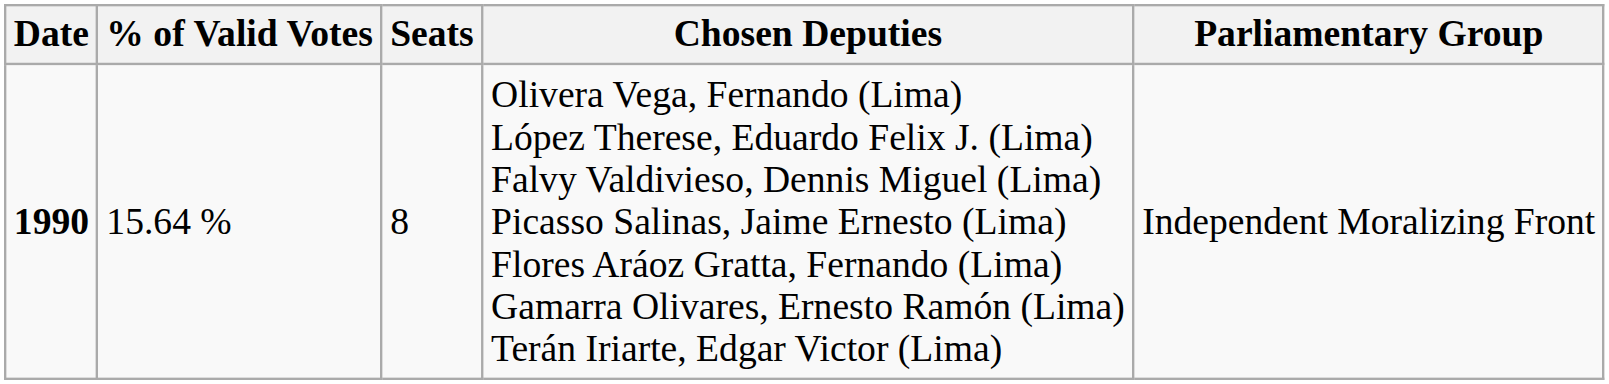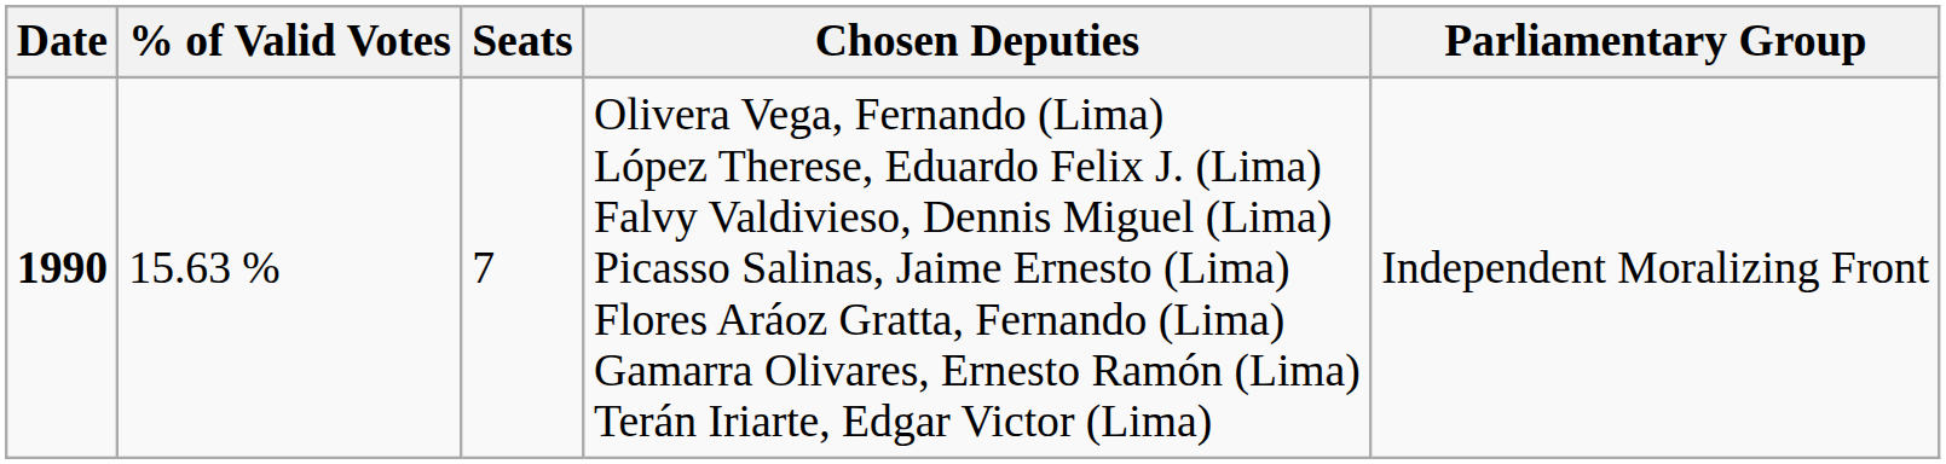 <table class="wikitable">
 <tr>
 <th>Date</th>
 <th>% of Valid Votes</th>
 <th>Seats</th>
 <th>Chosen Deputies</th>
 <th>Parliamentary Group</th>
 </tr>
 <tr>
 <td><strong>1990</strong></td>
-<td>15.64 %</td>
-<td>8</td>
+<td>15.63 %</td>
+<td>7</td>
 <td>Olivera Vega, Fernando (Lima)<br> López Therese, Eduardo Felix J.  (Lima)<br>Falvy Valdivieso, Dennis Miguel  (Lima)<br>Picasso Salinas, Jaime Ernesto (Lima)<br>Flores Aráoz Gratta, Fernando (Lima)<br>Gamarra Olivares, Ernesto Ramón  (Lima)<br>Terán Iriarte, Edgar Victor  (Lima)</td>
 <td>Independent Moralizing Front</td>
 </tr>
 </table>
